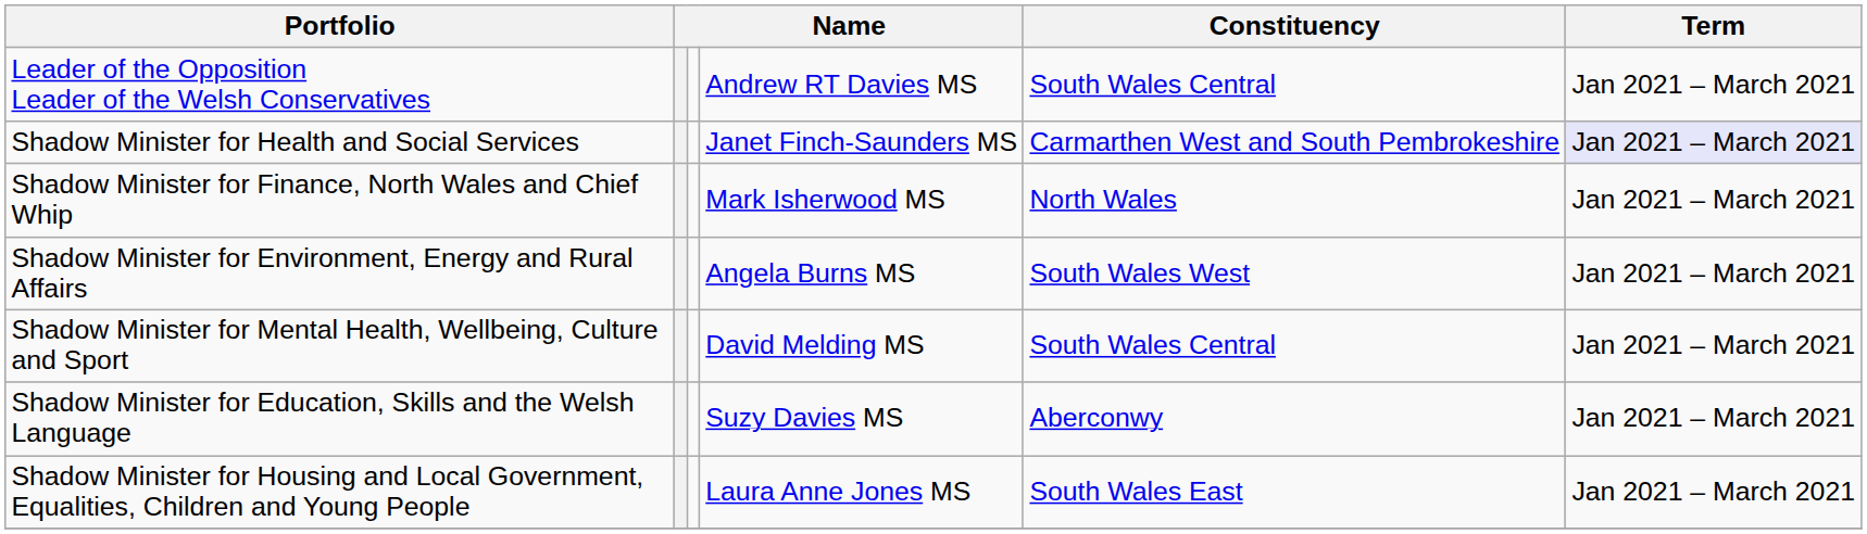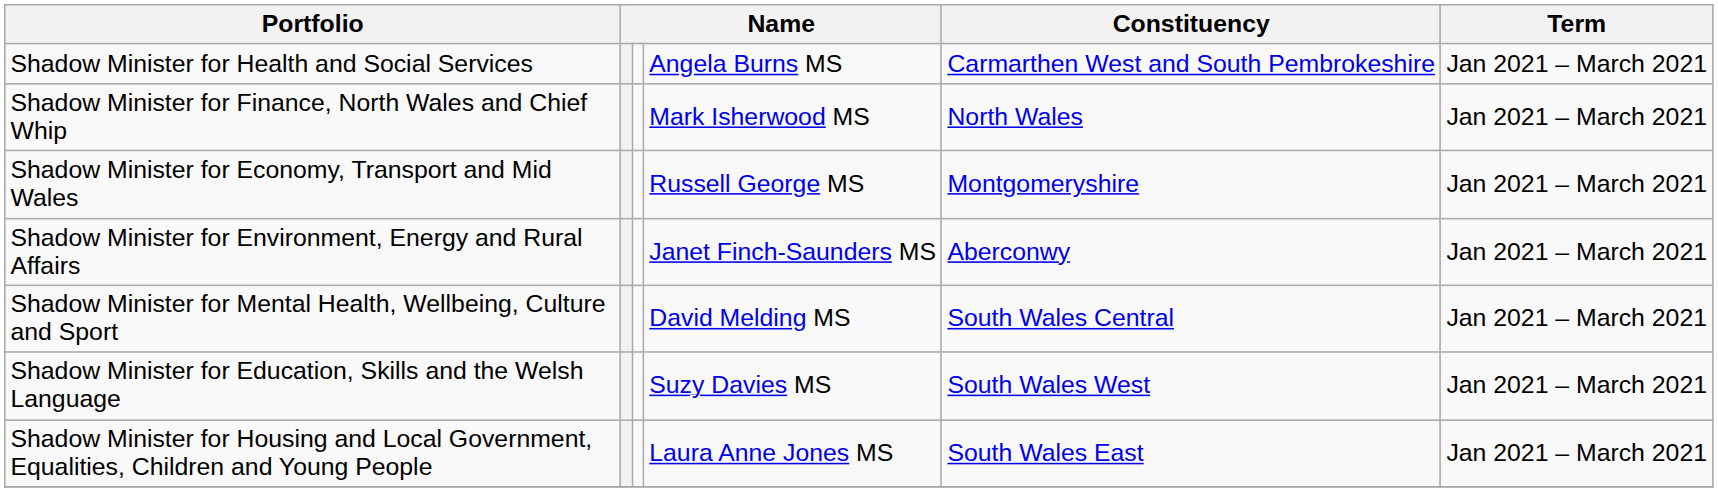 <table class="wikitable">
 <tr>
 <th style="width: 390px">Portfolio</th>
 <th colspan="3">Name</th>
 <th>Constituency</th>
 <th>Term</th>
 </tr>
 <tr>
-<td><a href='#'>Leader of the Opposition</a><br><a href='#'>Leader of the Welsh Conservatives</a></td>
-<th style="background-color: "></th>
-<td></td>
-<td><a href='#'>Andrew RT Davies</a> MS</td>
-<td><a href='#'>South Wales Central</a></td>
-<td>Jan 2021 – March 2021</td>
-</tr>
-<tr>
 <td>Shadow Minister for Health and Social Services</td>
 <th style="background-color: "></th>
 <td></td>
-<td><a href='#'>Janet Finch-Saunders</a> MS</td>
+<td><a href='#'>Angela Burns</a> MS</td>
 <td><a href='#'>Carmarthen West and South Pembrokeshire</a></td>
-<td style="background: lavender;">Jan 2021 – March 2021</td>
+<td>Jan 2021 – March 2021</td>
 </tr>
 <tr>
 <td>Shadow Minister for Finance, North Wales and Chief Whip</td>
 <th style="background-color: "></th>
 <td></td>
 <td><a href='#'>Mark Isherwood</a> MS</td>
 <td><a href='#'>North Wales</a></td>
 <td>Jan 2021 – March 2021</td>
 </tr>
 <tr>
+<td>Shadow Minister for Economy, Transport and Mid Wales</td>
+<th style="background-color: "></th>
+<td></td>
+<td><a href='#'>Russell George</a> MS</td>
+<td><a href='#'>Montgomeryshire</a></td>
+<td>Jan 2021 – March 2021</td>
+</tr>
+<tr>
 <td>Shadow Minister for Environment, Energy and Rural Affairs</td>
 <th style="background-color: "></th>
 <td></td>
-<td><a href='#'>Angela Burns</a> MS</td>
-<td><a href='#'>South Wales West</a></td>
+<td><a href='#'>Janet Finch-Saunders</a> MS</td>
+<td><a href='#'>Aberconwy</a></td>
 <td>Jan 2021 – March 2021</td>
 </tr>
 <tr>
 <td>Shadow Minister for Mental Health, Wellbeing, Culture and Sport</td>
 <th style="background-color: "></th>
 <td></td>
 <td><a href='#'>David Melding</a> MS</td>
 <td><a href='#'>South Wales Central</a></td>
 <td>Jan 2021 – March 2021</td>
 </tr>
 <tr>
 <td>Shadow Minister for Education, Skills and the Welsh Language</td>
 <th style="background-color: "></th>
 <td></td>
 <td><a href='#'>Suzy Davies</a> MS</td>
-<td><a href='#'>Aberconwy</a></td>
+<td><a href='#'>South Wales West</a></td>
 <td>Jan 2021 – March 2021</td>
 </tr>
 <tr>
 <td>Shadow Minister for Housing and Local Government, Equalities, Children and Young People</td>
 <th style="background-color: "></th>
 <td></td>
 <td><a href='#'>Laura Anne Jones</a> MS</td>
 <td><a href='#'>South Wales East</a></td>
 <td>Jan 2021 – March 2021</td>
 </tr>
 <tr>
 </tr>
 </table>
